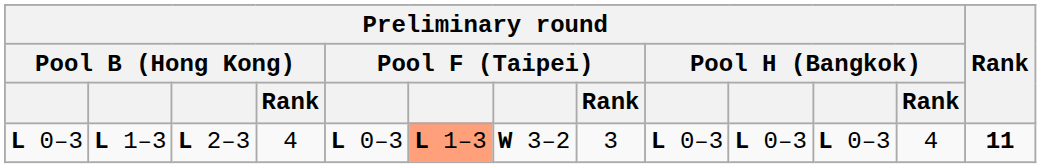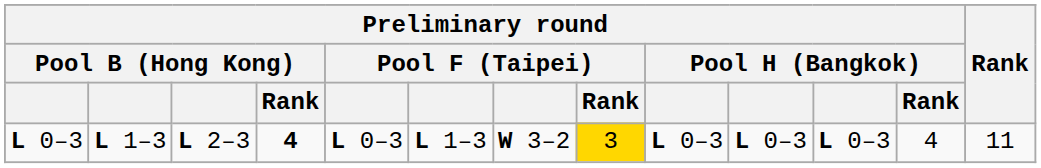 <table class="wikitable" style="font-size:100%;">
 <tr>
 <th colspan=12>Preliminary round</th>
 <th rowspan=3>Rank</th>
 </tr>
 <tr>
 <th colspan=4>Pool B (Hong Kong)</th>
 <th colspan=4>Pool F (Taipei)</th>
 <th colspan=4>Pool H (Bangkok)</th>
 </tr>
 <tr>
 <th></th>
 <th></th>
 <th></th>
 <th>Rank</th>
 <th></th>
 <th></th>
 <th></th>
 <th>Rank</th>
 <th></th>
 <th></th>
 <th></th>
 <th>Rank</th>
 </tr>
 <tr align=center>
 <td><strong>L</strong> 0–3</td>
 <td><strong>L</strong> 1–3</td>
 <td><strong>L</strong> 2–3</td>
-<td>4</td>
+<td><strong>4</strong></td>
 <td><strong>L</strong> 0–3</td>
-<td style="background: lightsalmon;"><strong>L</strong> 1–3</td>
+<td><strong>L</strong> 1–3</td>
 <td><strong>W</strong> 3–2</td>
-<td>3</td>
+<td style="background: gold;">3</td>
 <td><strong>L</strong> 0–3</td>
 <td><strong>L</strong> 0–3</td>
 <td><strong>L</strong> 0–3</td>
 <td>4</td>
-<td><strong>11</strong></td>
+<td>11</td>
 </tr>
 </table>
